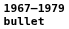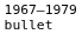 <table width="80">
 <tr>
 <td></td>
 </tr>
 <tr>
-<td><strong><div>1967–1979 bullet</div></strong></td>
+<td><div>1967–1979 bullet</div></td>
 </tr>
 </table>
